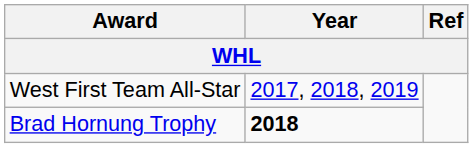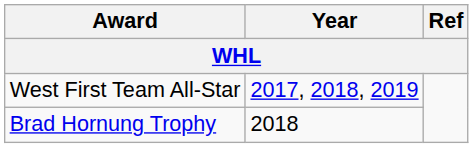 <table class="wikitable">
 <tr>
 <th>Award</th>
 <th>Year</th>
 <th>Ref</th>
 </tr>
 <tr>
 <th colspan="3"><a href='#'>WHL</a></th>
 </tr>
 <tr>
 <td>West First Team All-Star</td>
 <td><a href='#'>2017</a>, <a href='#'>2018</a>, <a href='#'>2019</a></td>
 <td rowspan="2"></td>
 </tr>
 <tr>
 <td><a href='#'>Brad Hornung Trophy</a></td>
-<td><strong>2018</strong></td>
+<td>2018</td>
 </tr>
 </table>
